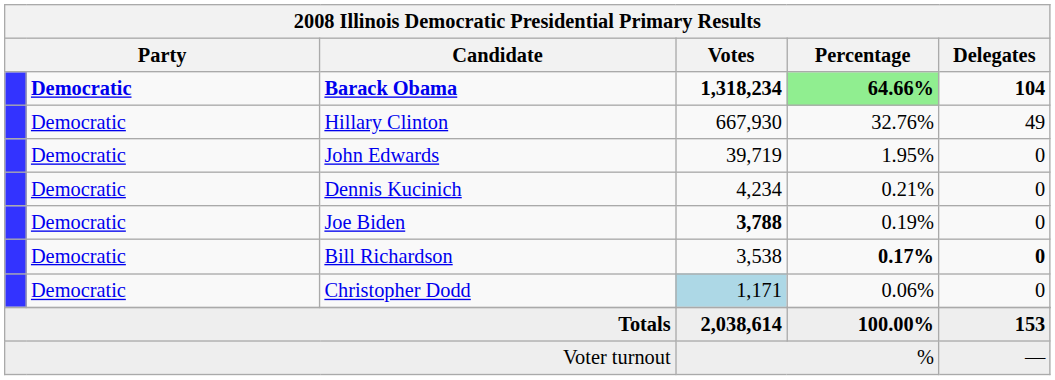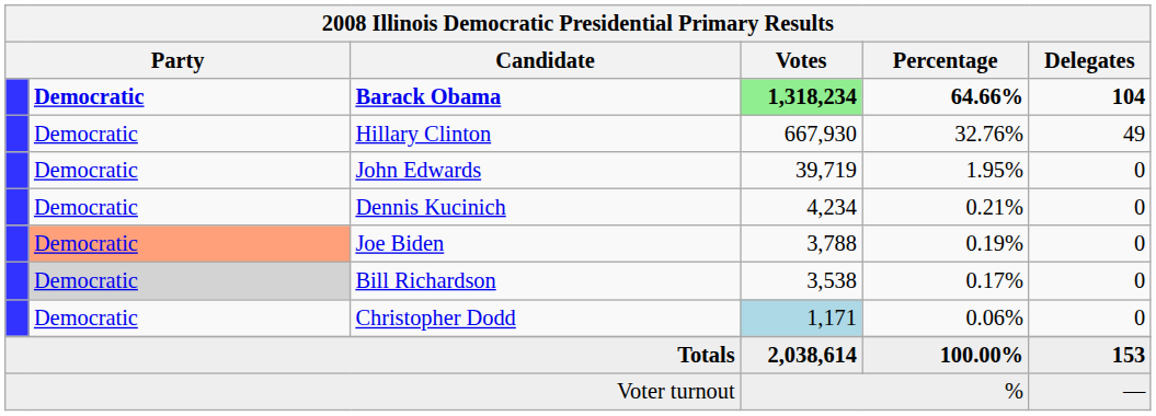 <table class="wikitable" style="font-size:95%;">
 <tr>
 <th colspan="7">2008 Illinois Democratic Presidential Primary Results</th>
 </tr>
 <tr>
 <th colspan="2" style="width: 15em">Party</th>
 <th style="width: 17em">Candidate</th>
 <th style="width: 5em">Votes</th>
 <th style="width: 7em">Percentage</th>
 <th style="width: 5em">Delegates</th>
 </tr>
 <tr>
 <th style="background-color:#3333FF; width: 3px"></th>
 <td style="width: 130px"><strong><a href='#'>Democratic</a></strong></td>
 <td><strong><a href='#'>Barack Obama</a></strong></td>
-<td align="right"><strong>1,318,234</strong></td>
-<td align="right" style="background: lightgreen;"><strong>64.66%</strong></td>
+<td align="right" style="background: lightgreen;"><strong>1,318,234</strong></td>
+<td align="right"><strong>64.66%</strong></td>
 <td align="right"><strong>104</strong></td>
 </tr>
 <tr>
 <th style="background-color:#3333FF; width: 3px"></th>
 <td style="width: 130px"><a href='#'>Democratic</a></td>
 <td><a href='#'>Hillary Clinton</a></td>
 <td align="right">667,930</td>
 <td align="right">32.76%</td>
 <td align="right">49</td>
 </tr>
 <tr>
 <th style="background-color:#3333FF; width: 3px"></th>
 <td style="width: 130px"><a href='#'>Democratic</a></td>
 <td><a href='#'>John Edwards</a></td>
 <td align="right">39,719</td>
 <td align="right">1.95%</td>
 <td align="right">0</td>
 </tr>
 <tr>
 <th style="background-color:#3333FF; width: 3px"></th>
 <td style="width: 130px"><a href='#'>Democratic</a></td>
 <td><a href='#'>Dennis Kucinich</a></td>
 <td align="right">4,234</td>
 <td align="right">0.21%</td>
 <td align="right">0</td>
 </tr>
 <tr>
 <th style="background-color:#3333FF; width: 3px"></th>
-<td style="width: 130px"><a href='#'>Democratic</a></td>
+<td style="background: lightsalmon; width: 130px"><a href='#'>Democratic</a></td>
 <td><a href='#'>Joe Biden</a></td>
-<td align="right"><strong>3,788</strong></td>
+<td align="right">3,788</td>
 <td align="right">0.19%</td>
 <td align="right">0</td>
 </tr>
 <tr>
 <th style="background-color:#3333FF; width: 3px"></th>
-<td style="width: 130px"><a href='#'>Democratic</a></td>
+<td style="background: lightgrey; width: 130px"><a href='#'>Democratic</a></td>
 <td><a href='#'>Bill Richardson</a></td>
 <td align="right">3,538</td>
-<td align="right"><strong>0.17%</strong></td>
-<td align="right"><strong>0</strong></td>
+<td align="right">0.17%</td>
+<td align="right">0</td>
 </tr>
 <tr>
 <th style="background-color:#3333FF; width: 3px"></th>
 <td style="width: 130px"><a href='#'>Democratic</a></td>
 <td><a href='#'>Christopher Dodd</a></td>
 <td align="right" style="background: lightblue;">1,171</td>
 <td align="right">0.06%</td>
 <td align="right">0</td>
 </tr>
 <tr>
 </tr>
 <tr bgcolor="#EEEEEE">
 <td colspan="3" align="right"><strong>Totals</strong></td>
 <td align="right"><strong>2,038,614</strong></td>
 <td align="right"><strong>100.00%</strong></td>
 <td align="right"><strong>153</strong></td>
 </tr>
 <tr bgcolor="#EEEEEE">
 <td colspan="3" align="right">Voter turnout</td>
 <td colspan="2" align="right">%</td>
 <td align="right">—</td>
 </tr>
 </table>
